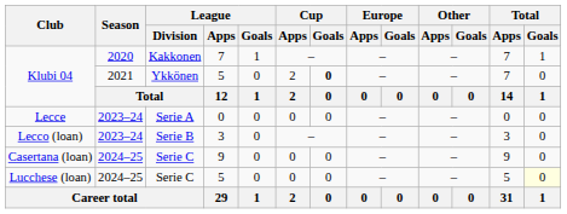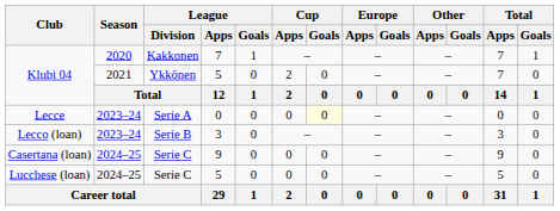 <table class="wikitable" style="text-align:center">
 <tr>
 <th rowspan="2">Club</th>
 <th rowspan="2">Season</th>
 <th colspan="3">League</th>
 <th colspan="2">Cup</th>
 <th colspan="2">Europe</th>
 <th colspan="2">Other</th>
 <th colspan="2">Total</th>
 </tr>
 <tr>
 <th>Division</th>
 <th>Apps</th>
 <th>Goals</th>
 <th>Apps</th>
 <th>Goals</th>
 <th>Apps</th>
 <th>Goals</th>
 <th>Apps</th>
 <th>Goals</th>
 <th>Apps</th>
 <th>Goals</th>
 </tr>
 <tr>
 <td rowspan="3"><a href='#'>Klubi 04</a></td>
 <td><a href='#'>2020</a></td>
 <td><a href='#'>Kakkonen</a></td>
 <td>7</td>
 <td>1</td>
 <td colspan=2>–</td>
 <td colspan=2>–</td>
 <td colspan=2>–</td>
 <td>7</td>
 <td>1</td>
 </tr>
 <tr>
 <td>2021</td>
 <td><a href='#'>Ykkönen</a></td>
 <td>5</td>
 <td>0</td>
 <td>2</td>
-<td><strong>0</strong></td>
+<td>0</td>
 <td colspan=2>–</td>
 <td colspan=2>–</td>
 <td>7</td>
 <td>0</td>
 </tr>
 <tr>
 <th colspan="2">Total</th>
 <th>12</th>
 <th>1</th>
 <th>2</th>
 <th>0</th>
 <th>0</th>
 <th>0</th>
 <th>0</th>
 <th>0</th>
 <th>14</th>
 <th>1</th>
 </tr>
 <tr>
 <td><a href='#'>Lecce</a></td>
 <td><a href='#'>2023–24</a></td>
 <td><a href='#'>Serie A</a></td>
 <td>0</td>
 <td>0</td>
 <td>0</td>
-<td>0</td>
+<td style="background: lightyellow;">0</td>
 <td colspan=2>–</td>
 <td colspan=2>–</td>
 <td>0</td>
 <td>0</td>
 </tr>
 <tr>
 <td><a href='#'>Lecco</a> (loan)</td>
 <td><a href='#'>2023–24</a></td>
 <td><a href='#'>Serie B</a></td>
 <td>3</td>
 <td>0</td>
 <td colspan=2>–</td>
 <td colspan=2>–</td>
 <td colspan=2>–</td>
 <td>3</td>
 <td>0</td>
 </tr>
 <tr>
 <td><a href='#'>Casertana</a> (loan)</td>
 <td><a href='#'>2024–25</a></td>
 <td><a href='#'>Serie C</a></td>
 <td>9</td>
 <td>0</td>
 <td>0</td>
 <td>0</td>
 <td colspan=2>–</td>
 <td colspan=2>–</td>
 <td>9</td>
 <td>0</td>
 </tr>
 <tr>
 <td><a href='#'>Lucchese</a> (loan)</td>
 <td>2024–25</td>
 <td>Serie C</td>
 <td>5</td>
 <td>0</td>
 <td>0</td>
 <td>0</td>
 <td colspan=2>–</td>
 <td colspan=2>–</td>
 <td>5</td>
-<td style="background: lightyellow;">0</td>
+<td>0</td>
 </tr>
 <tr>
 <th colspan="3">Career total</th>
 <th>29</th>
 <th>1</th>
 <th>2</th>
 <th>0</th>
 <th>0</th>
 <th>0</th>
 <th>0</th>
 <th>0</th>
 <th>31</th>
 <th>1</th>
 </tr>
 </table>
